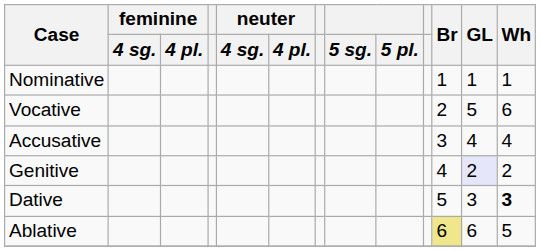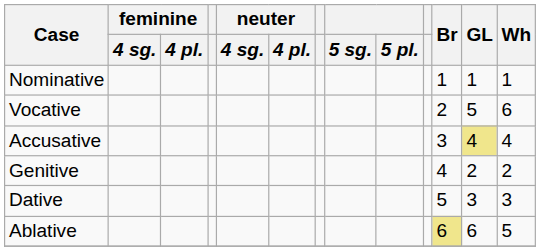 <table class="wikitable sortable">
 <tr>
 <th rowspan="2">Case</th>
 <th colspan="2">feminine</th>
 <th></th>
 <th colspan="2">neuter</th>
 <th></th>
 <th colspan="2"></th>
 <th></th>
 <th rowspan="2">Br</th>
 <th rowspan="2">GL</th>
 <th rowspan="2">Wh</th>
 </tr>
 <tr>
 <th class="unsortable"><em>4 sg.</em></th>
 <th class="unsortable"><em>4 pl.</em></th>
 <th class="unsortable"></th>
 <th class="unsortable"><em>4 sg.</em></th>
 <th class="unsortable"><em>4 pl.</em></th>
 <th class="unsortable"></th>
 <th class="unsortable"><em>5 sg.</em></th>
 <th class="unsortable"><em>5 pl.</em></th>
 <th class="unsortable"></th>
 </tr>
 <tr>
 <td>Nominative</td>
 <td><strong></strong></td>
 <td><strong></strong></td>
 <td></td>
 <td><strong></strong></td>
 <td><strong></strong></td>
 <td></td>
 <td><strong></strong></td>
 <td><strong></strong></td>
 <td></td>
 <td>1</td>
 <td>1</td>
 <td>1</td>
 </tr>
 <tr>
 <td>Vocative</td>
 <td><strong></strong></td>
 <td><strong></strong></td>
 <td></td>
 <td><strong></strong></td>
 <td><strong></strong></td>
 <td></td>
 <td><strong></strong></td>
 <td><strong></strong></td>
 <td></td>
 <td>2</td>
 <td>5</td>
 <td>6</td>
 </tr>
 <tr>
 <td>Accusative</td>
 <td><strong></strong></td>
 <td><strong></strong></td>
 <td></td>
 <td><strong></strong></td>
 <td><strong></strong></td>
 <td></td>
 <td><strong></strong></td>
 <td><strong></strong></td>
 <td></td>
 <td>3</td>
-<td>4</td>
+<td style="background: khaki;">4</td>
 <td>4</td>
 </tr>
 <tr>
 <td>Genitive</td>
 <td><strong></strong></td>
 <td><strong></strong></td>
 <td></td>
 <td><strong></strong></td>
 <td><strong></strong></td>
 <td></td>
 <td><strong></strong></td>
 <td><strong></strong></td>
 <td></td>
 <td>4</td>
-<td style="background: lavender;">2</td>
+<td>2</td>
 <td>2</td>
 </tr>
 <tr>
 <td>Dative</td>
 <td><strong></strong></td>
 <td><strong></strong></td>
 <td></td>
 <td><strong></strong></td>
 <td><strong></strong></td>
 <td></td>
 <td><strong></strong></td>
 <td><strong></strong></td>
 <td></td>
 <td>5</td>
 <td>3</td>
-<td><strong>3</strong></td>
+<td>3</td>
 </tr>
 <tr>
 <td>Ablative</td>
 <td><strong></strong></td>
 <td><strong></strong></td>
 <td></td>
 <td><strong></strong></td>
 <td><strong></strong></td>
 <td></td>
 <td><strong></strong></td>
 <td><strong></strong></td>
 <td></td>
 <td style="background: khaki;">6</td>
 <td>6</td>
 <td>5</td>
 </tr>
 <tr>
 </tr>
 </table>
